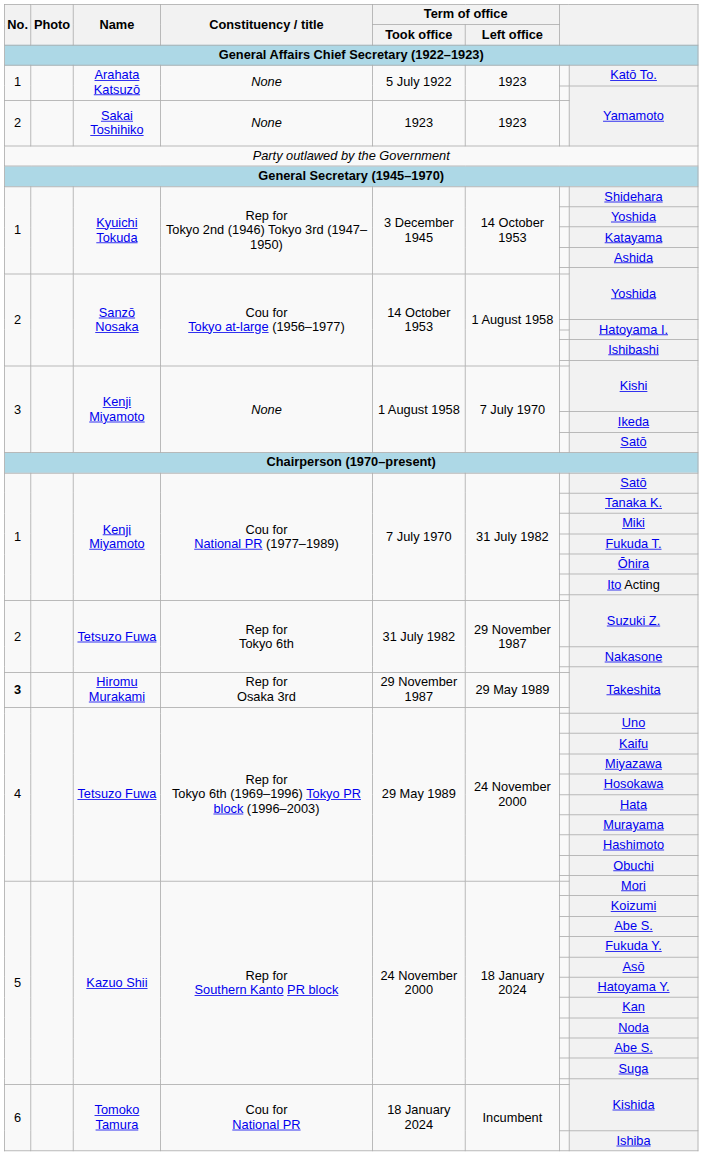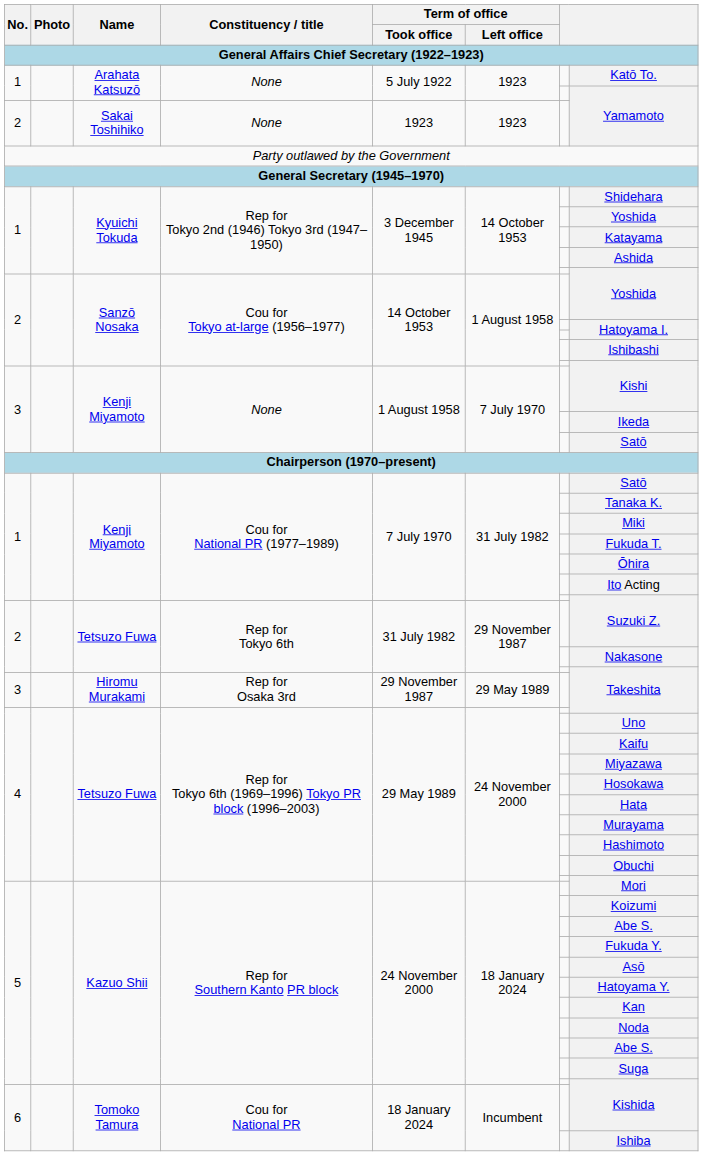 <table class="wikitable" style="text-align:center">
 <tr>
 <th rowspan="2">No.</th>
 <th rowspan="2">Photo</th>
 <th rowspan="2">Name<br><small> </small></th>
 <th rowspan="2">Constituency / title</th>
 <th colspan="2">Term of office</th>
 <th colspan="2" rowspan="2" style="width:20%;"><a href='#'></a> </th>
 </tr>
 <tr>
 <th>Took office</th>
 <th>Left office</th>
 </tr>
 <tr>
 <td colspan="8" bgcolor="lightblue"><strong>General Affairs Chief Secretary (1922–1923)</strong></td>
 </tr>
 <tr>
 <td rowspan="2">1</td>
 <td rowspan="2"></td>
 <td rowspan="2"><a href='#'>Arahata Katsuzō</a><br><small></small></td>
 <td rowspan="2"><em>None</em></td>
 <td rowspan="2">5 July 1922</td>
 <td rowspan="2">1923</td>
 <td style="background-color: "></td>
 <th style="font-weight:normal"><a href='#'>Katō To.</a> <small></small></th>
 </tr>
 <tr>
 <td style="background-color: "></td>
 <th rowspan="2" style="font-weight:normal"><a href='#'>Yamamoto</a> <small></small></th>
 </tr>
 <tr>
 <td>2</td>
 <td></td>
 <td><a href='#'>Sakai Toshihiko</a><br><small></small></td>
 <td><em>None</em></td>
 <td>1923</td>
 <td>1923</td>
 <td height="50" style="background-color: "></td>
 </tr>
 <tr>
 <td colspan="8"><em>Party outlawed by the Government</em></td>
 </tr>
 <tr>
 <td colspan="8" bgcolor="lightblue"><strong>General Secretary (1945–1970)</strong></td>
 </tr>
 <tr>
 <td rowspan="5">1</td>
 <td rowspan="5"></td>
 <td rowspan="5"><a href='#'>Kyuichi Tokuda</a><br><small></small></td>
 <td rowspan="5">Rep for<br>Tokyo 2nd (1946) Tokyo 3rd (1947–1950)</td>
 <td rowspan="5">3 December 1945</td>
 <td rowspan="5">14 October 1953</td>
 <td style="background-color: "></td>
 <th style="font-weight:normal"><a href='#'>Shidehara</a> <small></small></th>
 </tr>
 <tr>
 <td style="background-color: "></td>
 <th style="font-weight:normal"><a href='#'>Yoshida</a> <small></small></th>
 </tr>
 <tr>
 <td style="background-color: "></td>
 <th style="font-weight:normal"><a href='#'>Katayama</a> <small></small></th>
 </tr>
 <tr>
 <td style="background-color: "></td>
 <th style="font-weight:normal"><a href='#'>Ashida</a> <small></small></th>
 </tr>
 <tr>
 <td style="background-color: "></td>
 <th rowspan="2" style="font-weight:normal"><a href='#'>Yoshida</a> <small></small></th>
 </tr>
 <tr>
 <td rowspan="5">2</td>
 <td rowspan="5"></td>
 <td rowspan="5"><a href='#'>Sanzō Nosaka</a><br><small></small></td>
 <td rowspan="5">Cou for<br><a href='#'>Tokyo at-large</a> (1956–1977)</td>
 <td rowspan="5">14 October 1953</td>
 <td rowspan="5">1 August 1958</td>
 <td height="50" style="background-color: "></td>
 </tr>
 <tr>
 <td style="background-color: "></td>
 <th rowspan="2" style="font-weight:normal"><a href='#'>Hatoyama I.</a> <small></small></th>
 </tr>
 <tr>
 <td style="background-color: "></td>
 </tr>
 <tr>
 <td style="background-color: "></td>
 <th style="font-weight:normal"><a href='#'>Ishibashi</a> <small></small></th>
 </tr>
 <tr>
 <td style="background-color: "></td>
 <th rowspan="2" style="font-weight:normal"><a href='#'>Kishi</a> <small></small></th>
 </tr>
 <tr>
 <td rowspan="3">3</td>
 <td rowspan="3"></td>
 <td rowspan="3"><a href='#'>Kenji Miyamoto</a><br><small></small></td>
 <td rowspan="3"><em>None</em></td>
 <td rowspan="3">1 August 1958</td>
 <td rowspan="3">7 July 1970</td>
 <td height="50" style="background-color: "></td>
 </tr>
 <tr>
 <td style="background-color: "></td>
 <th style="font-weight:normal"><a href='#'>Ikeda</a> <small></small></th>
 </tr>
 <tr>
 <td style="background-color: "></td>
 <th style="font-weight:normal"><a href='#'>Satō</a> <small></small></th>
 </tr>
 <tr>
 <td colspan="8" bgcolor="lightblue"><strong>Chairperson (1970–present)</strong></td>
 </tr>
 <tr>
 <td rowspan="7">1</td>
 <td rowspan="7"></td>
 <td rowspan="7"><a href='#'>Kenji Miyamoto</a><br><small></small></td>
 <td rowspan="7">Cou for<br><a href='#'>National PR</a> (1977–1989)</td>
 <td rowspan="7">7 July 1970</td>
 <td rowspan="7">31 July 1982</td>
 <td style="background-color: "></td>
 <th style="font-weight:normal"><a href='#'>Satō</a> <small></small></th>
 </tr>
 <tr>
 <td style="background-color: "></td>
 <th style="font-weight:normal"><a href='#'>Tanaka K.</a> <small></small></th>
 </tr>
 <tr>
 <td style="background-color: "></td>
 <th style="font-weight:normal"><a href='#'>Miki</a> <small></small></th>
 </tr>
 <tr>
 <td style="background-color: "></td>
 <th style="font-weight:normal"><a href='#'>Fukuda T.</a> <small></small></th>
 </tr>
 <tr>
 <td style="background-color: "></td>
 <th style="font-weight:normal"><a href='#'>Ōhira</a> <small></small></th>
 </tr>
 <tr>
 <td style="background-color: "></td>
 <th style="font-weight:normal"><a href='#'>Ito</a> <small></small> Acting</th>
 </tr>
 <tr>
 <td style="background-color: "></td>
 <th rowspan="2" style="font-weight:normal"><a href='#'>Suzuki Z.</a> <small></small></th>
 </tr>
 <tr>
 <td rowspan="3">2</td>
 <td rowspan="3"></td>
 <td rowspan="3"><a href='#'>Tetsuzo Fuwa</a><br><small></small></td>
 <td rowspan="3">Rep for<br>Tokyo 6th</td>
 <td rowspan="3">31 July 1982</td>
 <td rowspan="3">29 November 1987</td>
 <td height="50" style="background-color: "></td>
 </tr>
 <tr>
 <td style="background-color: "></td>
 <th style="font-weight:normal"><a href='#'>Nakasone</a> <small></small></th>
 </tr>
 <tr>
 <td style="background-color: "></td>
 <th rowspan="3" style="font-weight:normal"><a href='#'>Takeshita</a> <small></small></th>
 </tr>
 <tr>
-<td><strong>3</strong></td>
+<td>3</td>
 <td></td>
 <td><a href='#'>Hiromu Murakami</a><br><small></small></td>
 <td>Rep for<br>Osaka 3rd</td>
 <td>29 November 1987</td>
 <td>29 May 1989</td>
 <td style="background-color: "></td>
 </tr>
 <tr>
 <td rowspan="10">4<br></td>
 <td rowspan="10"></td>
 <td rowspan="10"><a href='#'>Tetsuzo Fuwa</a><br><small></small></td>
 <td rowspan="10">Rep for<br>Tokyo 6th (1969–1996) <a href='#'>Tokyo PR block</a> (1996–2003)</td>
 <td rowspan="10">29 May 1989</td>
 <td rowspan="10">24 November 2000</td>
 <td style="background-color: "></td>
 </tr>
 <tr>
 <td style="background-color: "></td>
 <th style="font-weight:normal"><a href='#'>Uno</a> <small></small></th>
 </tr>
 <tr>
 <td style="background-color: "></td>
 <th style="font-weight:normal"><a href='#'>Kaifu</a> <small></small></th>
 </tr>
 <tr>
 <td style="background-color: "></td>
 <th style="font-weight:normal"><a href='#'>Miyazawa</a> <small></small></th>
 </tr>
 <tr>
 <td style="background-color: "></td>
 <th style="font-weight:normal"><a href='#'>Hosokawa</a> <small></small></th>
 </tr>
 <tr>
 <td style="background-color: "></td>
 <th style="font-weight:normal"><a href='#'>Hata</a> <small></small></th>
 </tr>
 <tr>
 <td style="background-color: "></td>
 <th style="font-weight:normal"><a href='#'>Murayama</a> <small></small></th>
 </tr>
 <tr>
 <td style="background-color: "></td>
 <th style="font-weight:normal"><a href='#'>Hashimoto</a> <small></small></th>
 </tr>
 <tr>
 <td style="background-color: "></td>
 <th style="font-weight:normal"><a href='#'>Obuchi</a> <small></small></th>
 </tr>
 <tr>
 <td style="background-color: "></td>
 <th rowspan="2" style="font-weight:normal"><a href='#'>Mori</a> <small></small></th>
 </tr>
 <tr>
 <td rowspan="11">5</td>
 <td rowspan="11"></td>
 <td rowspan="11"><a href='#'>Kazuo Shii</a><br><small></small></td>
 <td rowspan="11">Rep for<br><a href='#'>Southern Kanto</a> <a href='#'>PR block</a></td>
 <td rowspan="11">24 November 2000</td>
 <td rowspan="11">18 January 2024</td>
 <td style="background-color: "></td>
 </tr>
 <tr>
 <td style="background-color: "></td>
 <th style="font-weight:normal"><a href='#'>Koizumi</a> <small></small></th>
 </tr>
 <tr>
 <td style="background-color: "></td>
 <th style="font-weight:normal"><a href='#'>Abe S.</a> <small></small></th>
 </tr>
 <tr>
 <td style="background-color: "></td>
 <th style="font-weight:normal"><a href='#'>Fukuda Y.</a> <small></small></th>
 </tr>
 <tr>
 <td style="background-color: "></td>
 <th style="font-weight:normal"><a href='#'>Asō</a> <small></small></th>
 </tr>
 <tr>
 <td style="background-color: "></td>
 <th style="font-weight:normal"><a href='#'>Hatoyama Y.</a> <small></small></th>
 </tr>
 <tr>
 <td style="background-color: "></td>
 <th style="font-weight:normal"><a href='#'>Kan</a> <small></small></th>
 </tr>
 <tr>
 <td style="background-color: "></td>
 <th style="font-weight:normal"><a href='#'>Noda</a> <small></small></th>
 </tr>
 <tr>
 <td style="background-color: "></td>
 <th style="font-weight:normal"><a href='#'>Abe S.</a> <small></small></th>
 </tr>
 <tr>
 <td style="background-color: "></td>
 <th style="font-weight:normal"><a href='#'>Suga</a> <small></small></th>
 </tr>
 <tr>
 <td style="background-color: "></td>
 <th rowspan="2" style="font-weight:normal"><a href='#'>Kishida</a> <small></small></th>
 </tr>
 <tr>
 <td rowspan="2">6</td>
 <td rowspan="2"></td>
 <td rowspan="2"><a href='#'>Tomoko Tamura</a><br><small></small></td>
 <td rowspan="2">Cou for<br><a href='#'>National PR</a></td>
 <td rowspan="2">18 January 2024</td>
 <td rowspan="2">Incumbent</td>
 <td height="50" style="background-color: "></td>
 </tr>
 <tr>
 <td style="background-color: "></td>
 <th style="font-weight:normal"><a href='#'>Ishiba</a> <small></small></th>
 </tr>
 </table>
